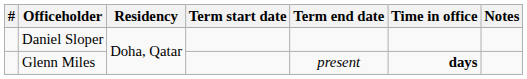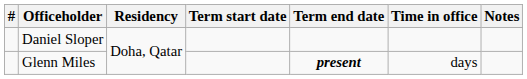 <table class='wikitable sortable'>
 <tr>
 <th>#</th>
 <th>Officeholder</th>
 <th>Residency</th>
 <th>Term start date</th>
 <th>Term end date</th>
 <th>Time in office</th>
 <th>Notes</th>
 </tr>
 <tr>
 <td align=center></td>
 <td>Daniel Sloper</td>
 <td rowspan=2>Doha, Qatar</td>
 <td align=center></td>
 <td align=center></td>
 <td align=right></td>
 <td></td>
 </tr>
 <tr>
 <td align=center></td>
 <td>Glenn Miles</td>
 <td align=center></td>
-<td align=center><em>present</em></td>
-<td align=right><strong> days</strong></td>
+<td align=center><strong><em>present</em></strong></td>
+<td align=right> days</td>
 <td></td>
 </tr>
 </table>
